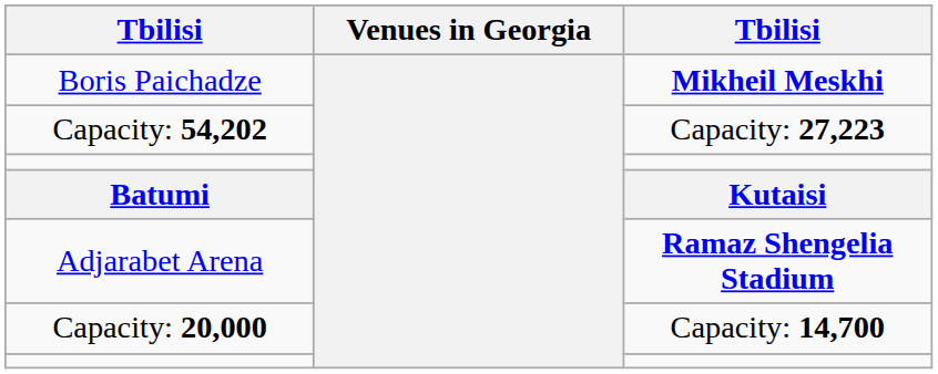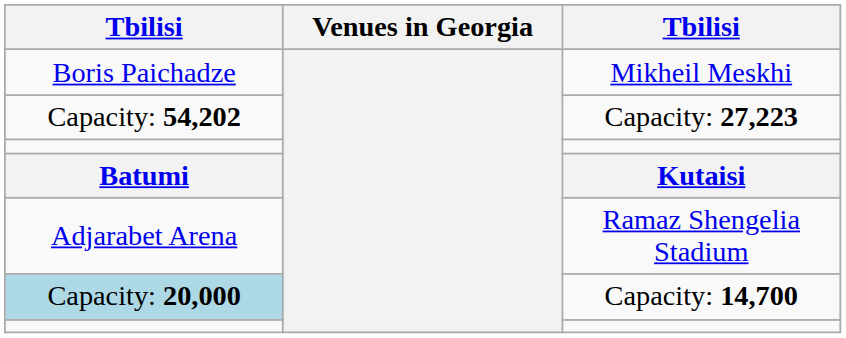 <table class="wikitable" style="text-align: center;">
 <tr>
 <th><a href='#'>Tbilisi</a></th>
 <th>Venues in Georgia</th>
 <th><a href='#'>Tbilisi</a></th>
 </tr>
 <tr>
 <td width=150px><a href='#'>Boris Paichadze</a></td>
 <th rowspan="7" width="150px"></th>
-<td width="150px"><strong><a href='#'>Mikheil Meskhi</a></strong></td>
+<td width="150px"><a href='#'>Mikheil Meskhi</a></td>
 </tr>
 <tr>
 <td>Capacity: <strong>54,202</strong></td>
 <td>Capacity: <strong>27,223</strong></td>
 </tr>
 <tr>
 <td></td>
 <td></td>
 </tr>
 <tr>
 <th><a href='#'>Batumi</a></th>
 <th><a href='#'>Kutaisi</a></th>
 </tr>
 <tr>
 <td><a href='#'>Adjarabet Arena</a></td>
-<td><strong><a href='#'>Ramaz Shengelia Stadium</a></strong></td>
+<td><a href='#'>Ramaz Shengelia Stadium</a></td>
 </tr>
 <tr>
-<td>Capacity: <strong>20,000</strong></td>
+<td style="background: lightblue;">Capacity: <strong>20,000</strong></td>
 <td>Capacity: <strong>14,700</strong></td>
 </tr>
 <tr>
 <td></td>
 <td></td>
 </tr>
 </table>
